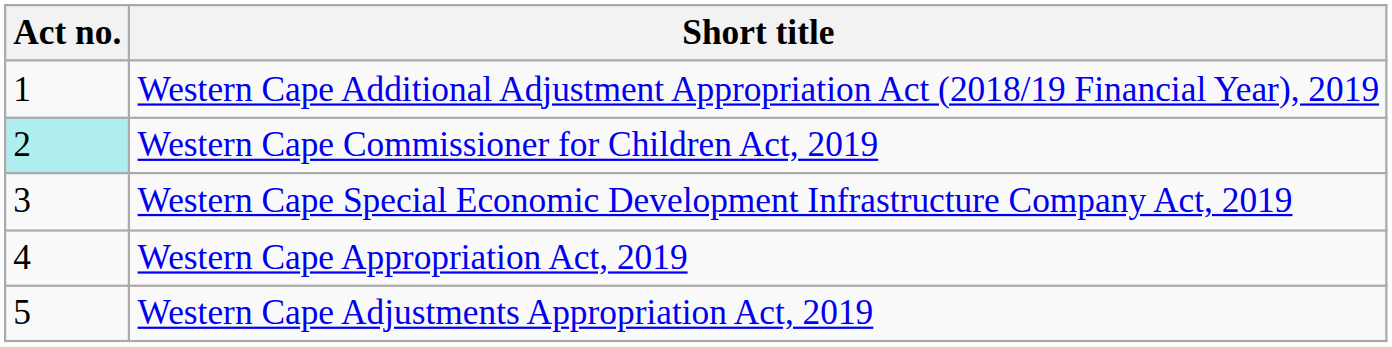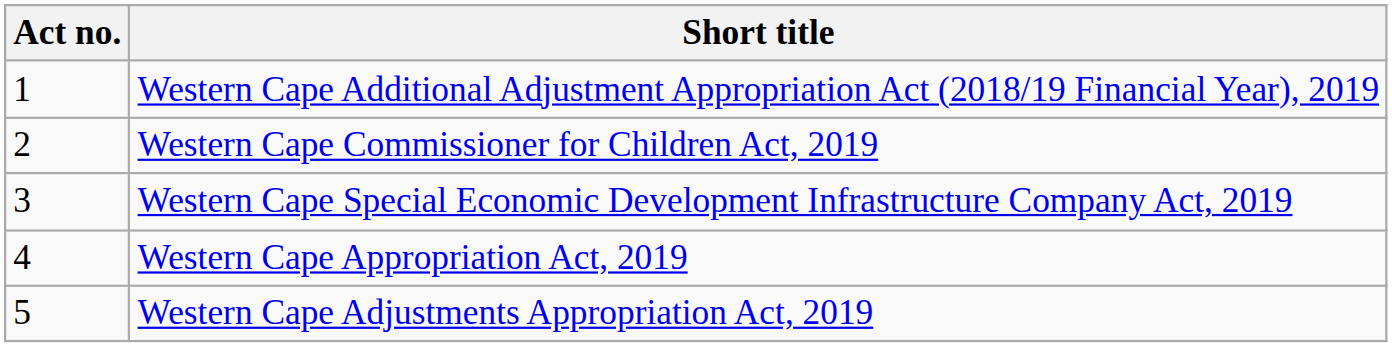 <table class=wikitable sortable>
 <tr>
 <th>Act no.</th>
 <th>Short title</th>
 </tr>
 <tr>
 <td>1</td>
 <td><a href='#'>Western Cape Additional Adjustment Appropriation Act (2018/19 Financial Year), 2019</a></td>
 </tr>
 <tr>
-<td style="background: paleturquoise;">2</td>
+<td>2</td>
 <td><a href='#'>Western Cape Commissioner for Children Act, 2019</a></td>
 </tr>
 <tr>
 <td>3</td>
 <td><a href='#'>Western Cape Special Economic Development Infrastructure Company Act, 2019</a></td>
 </tr>
 <tr>
 <td>4</td>
 <td><a href='#'>Western Cape Appropriation Act, 2019</a></td>
 </tr>
 <tr>
 <td>5</td>
 <td><a href='#'>Western Cape Adjustments Appropriation Act, 2019</a></td>
 </tr>
 </table>
